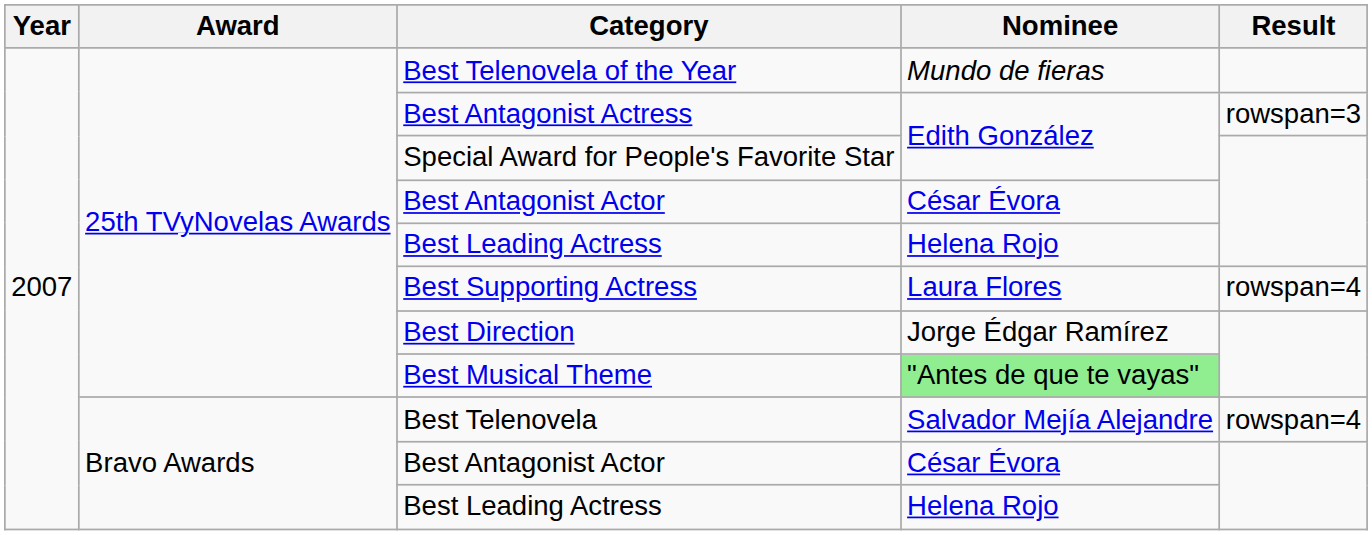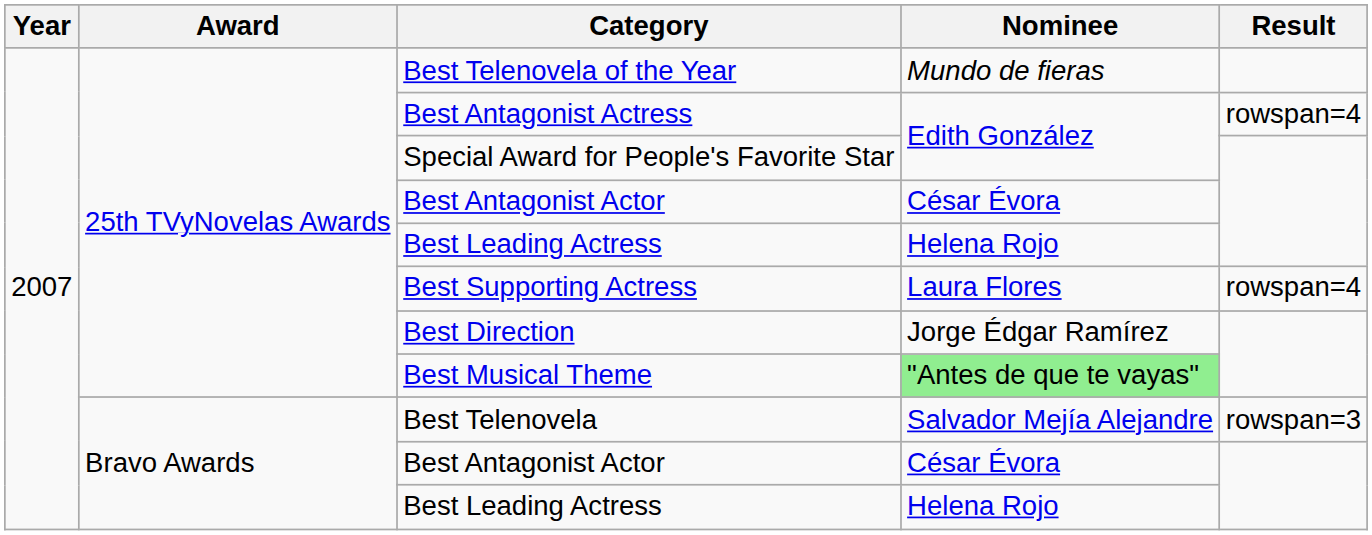 <table class="wikitable plainrowheaders" style="text-align;">
 <tr>
 <th scope="col">Year</th>
 <th scope="col">Award</th>
 <th scope="col">Category</th>
 <th scope="col">Nominee</th>
 <th scope="col">Result</th>
 </tr>
 <tr>
 <td rowspan=11>2007</td>
 <td rowspan=8><a href='#'>25th TVyNovelas Awards</a></td>
 <td><a href='#'>Best Telenovela of the Year</a></td>
 <td><em>Mundo de fieras</em></td>
 <td></td>
 </tr>
 <tr>
 <td><a href='#'>Best Antagonist Actress</a></td>
 <td rowspan=2><a href='#'>Edith González</a></td>
-<td>rowspan=3 </td>
+<td>rowspan=4 </td>
 </tr>
 <tr>
 <td>Special Award for People's Favorite Star</td>
 </tr>
 <tr>
 <td><a href='#'>Best Antagonist Actor</a></td>
 <td><a href='#'>César Évora</a></td>
 </tr>
 <tr>
 <td><a href='#'>Best Leading Actress</a></td>
 <td><a href='#'>Helena Rojo</a></td>
 </tr>
 <tr>
 <td><a href='#'>Best Supporting Actress</a></td>
 <td><a href='#'>Laura Flores</a></td>
 <td>rowspan=4 </td>
 </tr>
 <tr>
 <td><a href='#'>Best Direction</a></td>
 <td>Jorge Édgar Ramírez</td>
 </tr>
 <tr>
 <td><a href='#'>Best Musical Theme</a></td>
 <td style="background: lightgreen;">"Antes de que te vayas"</td>
 </tr>
 <tr>
 <td rowspan=3>Bravo Awards</td>
 <td>Best Telenovela</td>
 <td><a href='#'>Salvador Mejía Alejandre</a></td>
-<td>rowspan=4 </td>
+<td>rowspan=3 </td>
 </tr>
 <tr>
 <td>Best Antagonist Actor</td>
 <td><a href='#'>César Évora</a></td>
 </tr>
 <tr>
 <td>Best Leading Actress</td>
 <td><a href='#'>Helena Rojo</a></td>
 </tr>
 </table>
